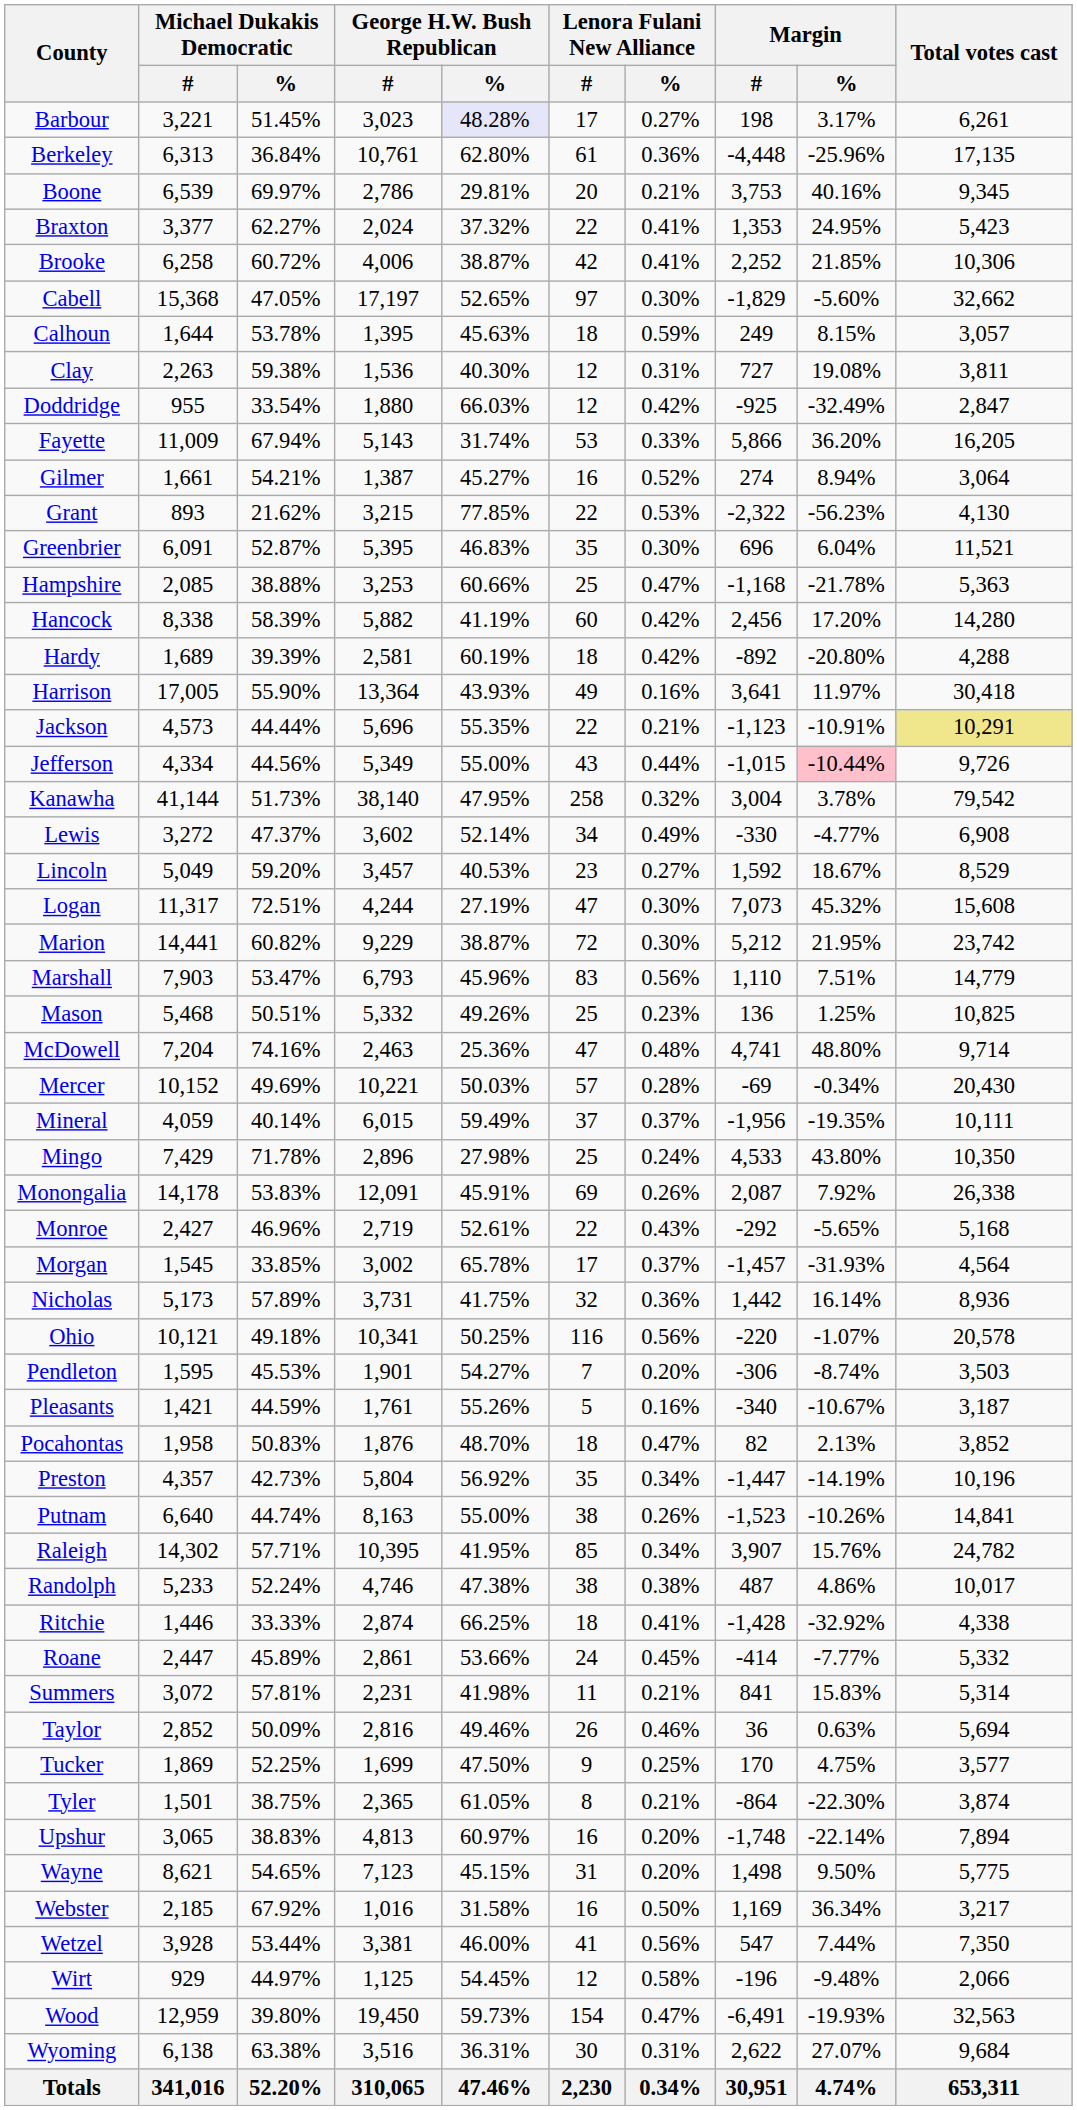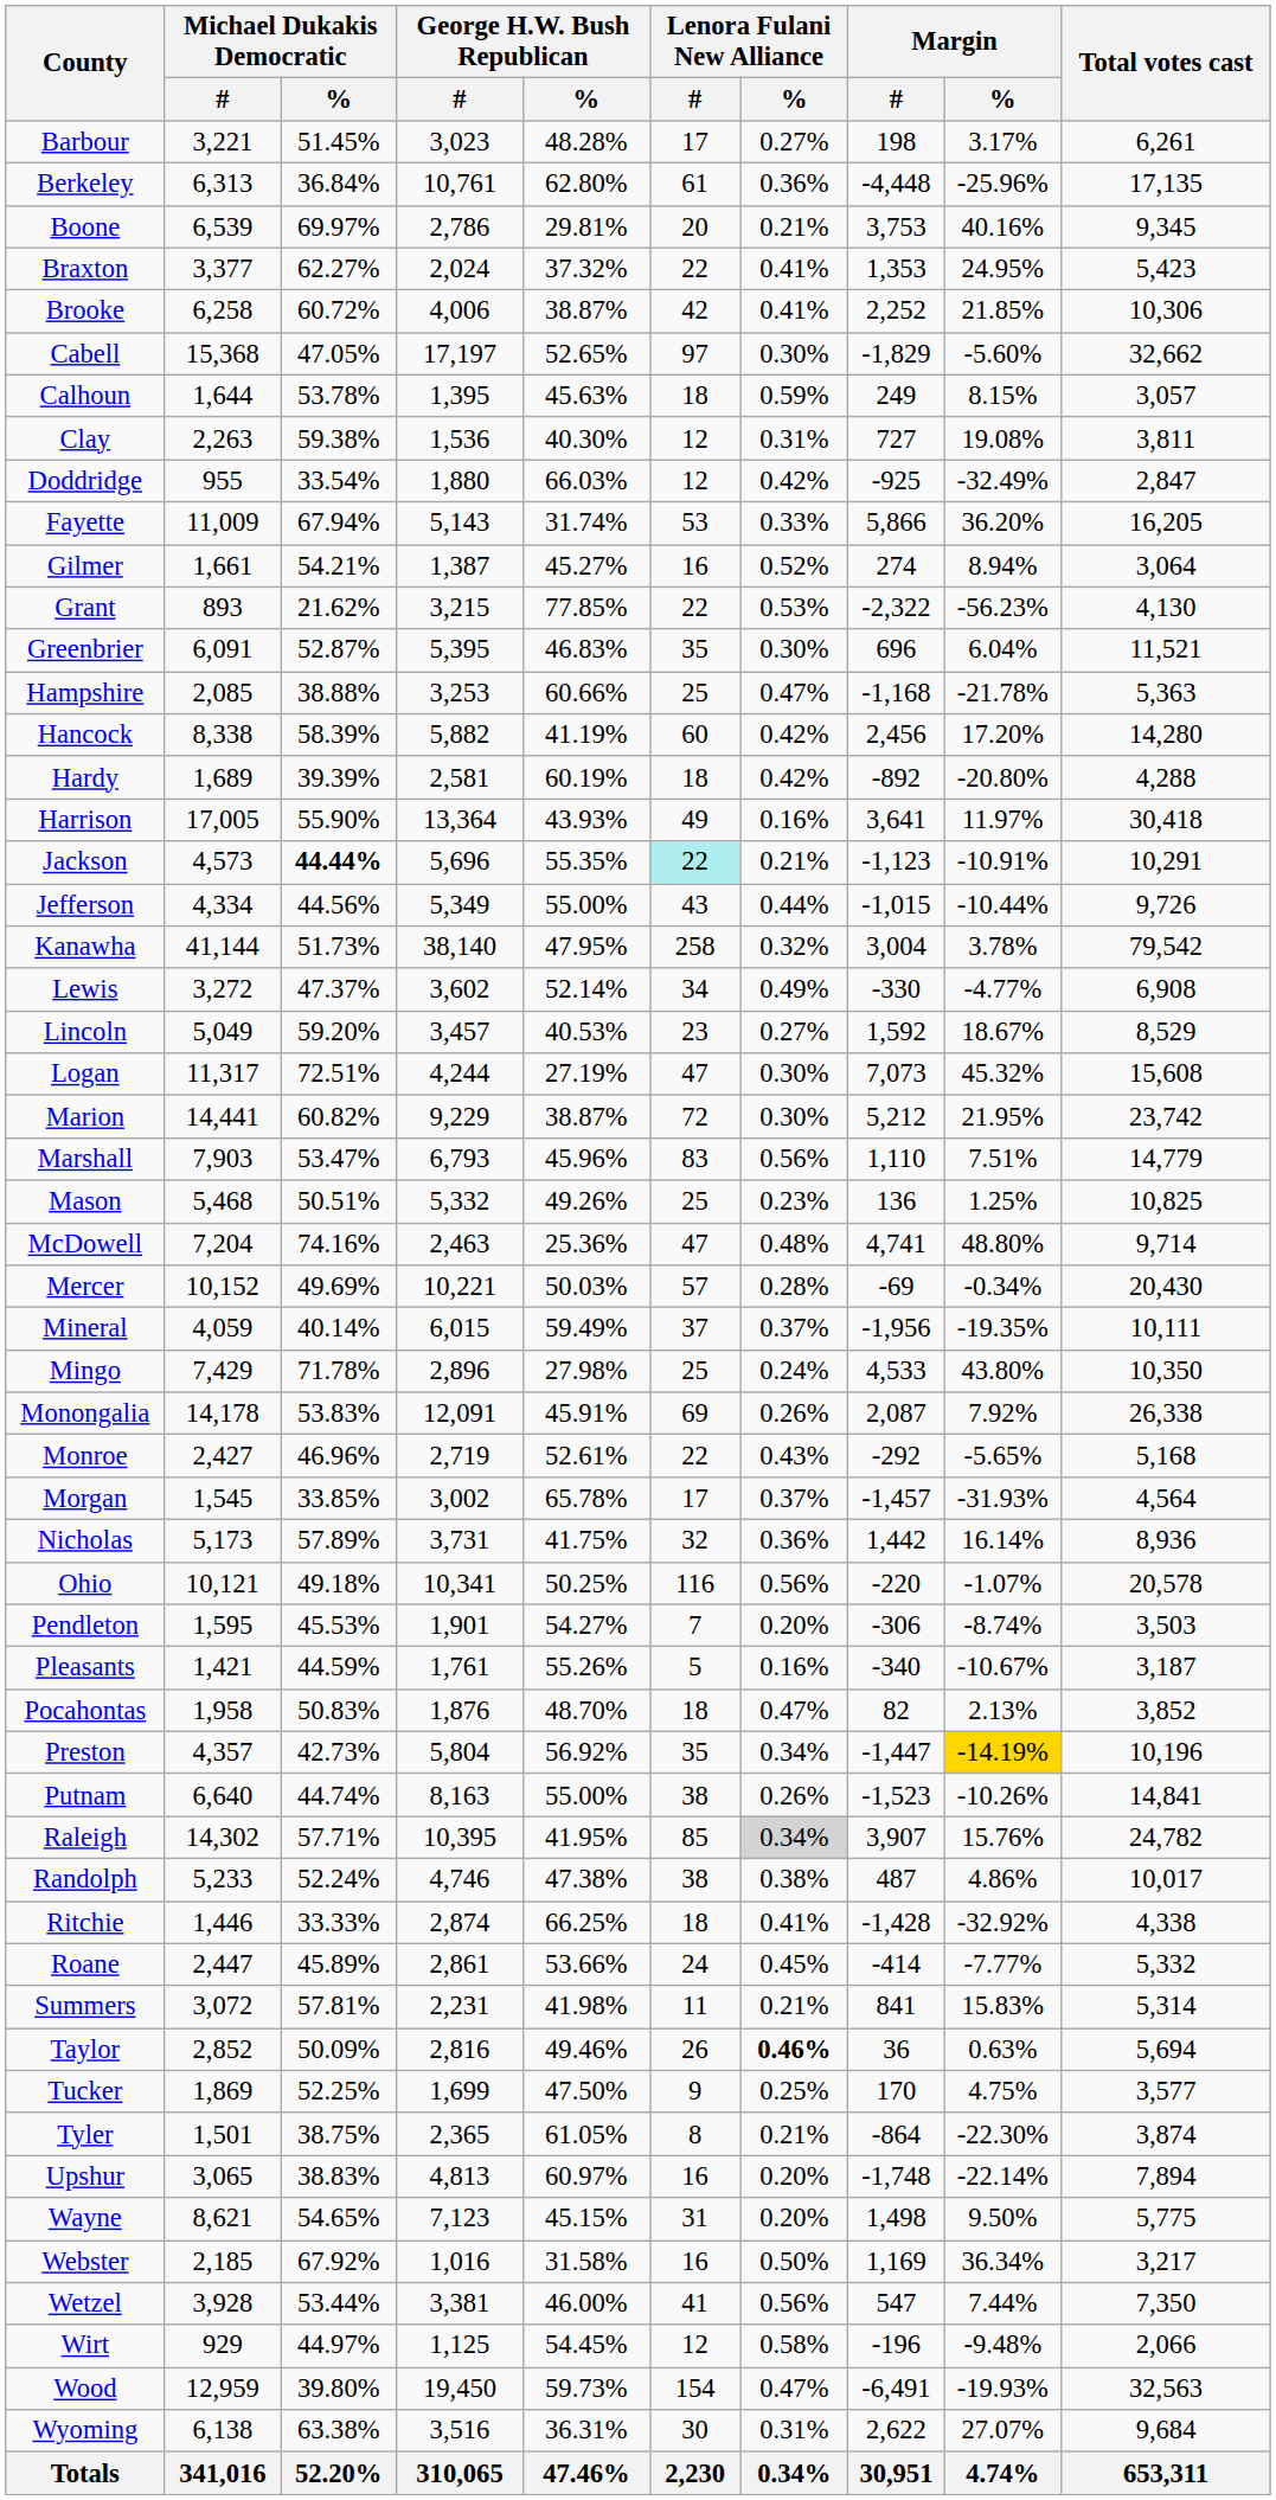 <table width="60%"  class="wikitable sortable" style="text-align:center">
 <tr>
 <th style="text-align:center;" rowspan="2">County</th>
 <th style="text-align:center;" colspan="2">Michael Dukakis<br>Democratic</th>
 <th style="text-align:center;" colspan="2">George H.W. Bush<br>Republican</th>
 <th style="text-align:center;" colspan="2">Lenora Fulani<br>New Alliance</th>
 <th style="text-align:center;" colspan="2">Margin</th>
 <th style="text-align:center;" rowspan="2">Total votes cast</th>
 </tr>
 <tr>
 <th style="text-align:center;" data-sort-type="number">#</th>
 <th style="text-align:center;" data-sort-type="number">%</th>
 <th style="text-align:center;" data-sort-type="number">#</th>
 <th style="text-align:center;" data-sort-type="number">%</th>
 <th style="text-align:center;" data-sort-type="number">#</th>
 <th style="text-align:center;" data-sort-type="number">%</th>
 <th style="text-align:center;" data-sort-type="number">#</th>
 <th style="text-align:center;" data-sort-type="number">%</th>
 </tr>
 <tr style="text-align:center;">
 <td><a href='#'>Barbour</a></td>
 <td>3,221</td>
 <td>51.45%</td>
 <td>3,023</td>
-<td style="background: lavender;">48.28%</td>
+<td>48.28%</td>
 <td>17</td>
 <td>0.27%</td>
 <td>198</td>
 <td>3.17%</td>
 <td>6,261</td>
 </tr>
 <tr style="text-align:center;">
 <td><a href='#'>Berkeley</a></td>
 <td>6,313</td>
 <td>36.84%</td>
 <td>10,761</td>
 <td>62.80%</td>
 <td>61</td>
 <td>0.36%</td>
 <td>-4,448</td>
 <td>-25.96%</td>
 <td>17,135</td>
 </tr>
 <tr style="text-align:center;">
 <td><a href='#'>Boone</a></td>
 <td>6,539</td>
 <td>69.97%</td>
 <td>2,786</td>
 <td>29.81%</td>
 <td>20</td>
 <td>0.21%</td>
 <td>3,753</td>
 <td>40.16%</td>
 <td>9,345</td>
 </tr>
 <tr style="text-align:center;">
 <td><a href='#'>Braxton</a></td>
 <td>3,377</td>
 <td>62.27%</td>
 <td>2,024</td>
 <td>37.32%</td>
 <td>22</td>
 <td>0.41%</td>
 <td>1,353</td>
 <td>24.95%</td>
 <td>5,423</td>
 </tr>
 <tr style="text-align:center;">
 <td><a href='#'>Brooke</a></td>
 <td>6,258</td>
 <td>60.72%</td>
 <td>4,006</td>
 <td>38.87%</td>
 <td>42</td>
 <td>0.41%</td>
 <td>2,252</td>
 <td>21.85%</td>
 <td>10,306</td>
 </tr>
 <tr style="text-align:center;">
 <td><a href='#'>Cabell</a></td>
 <td>15,368</td>
 <td>47.05%</td>
 <td>17,197</td>
 <td>52.65%</td>
 <td>97</td>
 <td>0.30%</td>
 <td>-1,829</td>
 <td>-5.60%</td>
 <td>32,662</td>
 </tr>
 <tr style="text-align:center;">
 <td><a href='#'>Calhoun</a></td>
 <td>1,644</td>
 <td>53.78%</td>
 <td>1,395</td>
 <td>45.63%</td>
 <td>18</td>
 <td>0.59%</td>
 <td>249</td>
 <td>8.15%</td>
 <td>3,057</td>
 </tr>
 <tr style="text-align:center;">
 <td><a href='#'>Clay</a></td>
 <td>2,263</td>
 <td>59.38%</td>
 <td>1,536</td>
 <td>40.30%</td>
 <td>12</td>
 <td>0.31%</td>
 <td>727</td>
 <td>19.08%</td>
 <td>3,811</td>
 </tr>
 <tr style="text-align:center;">
 <td><a href='#'>Doddridge</a></td>
 <td>955</td>
 <td>33.54%</td>
 <td>1,880</td>
 <td>66.03%</td>
 <td>12</td>
 <td>0.42%</td>
 <td>-925</td>
 <td>-32.49%</td>
 <td>2,847</td>
 </tr>
 <tr style="text-align:center;">
 <td><a href='#'>Fayette</a></td>
 <td>11,009</td>
 <td>67.94%</td>
 <td>5,143</td>
 <td>31.74%</td>
 <td>53</td>
 <td>0.33%</td>
 <td>5,866</td>
 <td>36.20%</td>
 <td>16,205</td>
 </tr>
 <tr style="text-align:center;">
 <td><a href='#'>Gilmer</a></td>
 <td>1,661</td>
 <td>54.21%</td>
 <td>1,387</td>
 <td>45.27%</td>
 <td>16</td>
 <td>0.52%</td>
 <td>274</td>
 <td>8.94%</td>
 <td>3,064</td>
 </tr>
 <tr style="text-align:center;">
 <td><a href='#'>Grant</a></td>
 <td>893</td>
 <td>21.62%</td>
 <td>3,215</td>
 <td>77.85%</td>
 <td>22</td>
 <td>0.53%</td>
 <td>-2,322</td>
 <td>-56.23%</td>
 <td>4,130</td>
 </tr>
 <tr style="text-align:center;">
 <td><a href='#'>Greenbrier</a></td>
 <td>6,091</td>
 <td>52.87%</td>
 <td>5,395</td>
 <td>46.83%</td>
 <td>35</td>
 <td>0.30%</td>
 <td>696</td>
 <td>6.04%</td>
 <td>11,521</td>
 </tr>
 <tr style="text-align:center;">
 <td><a href='#'>Hampshire</a></td>
 <td>2,085</td>
 <td>38.88%</td>
 <td>3,253</td>
 <td>60.66%</td>
 <td>25</td>
 <td>0.47%</td>
 <td>-1,168</td>
 <td>-21.78%</td>
 <td>5,363</td>
 </tr>
 <tr style="text-align:center;">
 <td><a href='#'>Hancock</a></td>
 <td>8,338</td>
 <td>58.39%</td>
 <td>5,882</td>
 <td>41.19%</td>
 <td>60</td>
 <td>0.42%</td>
 <td>2,456</td>
 <td>17.20%</td>
 <td>14,280</td>
 </tr>
 <tr style="text-align:center;">
 <td><a href='#'>Hardy</a></td>
 <td>1,689</td>
 <td>39.39%</td>
 <td>2,581</td>
 <td>60.19%</td>
 <td>18</td>
 <td>0.42%</td>
 <td>-892</td>
 <td>-20.80%</td>
 <td>4,288</td>
 </tr>
 <tr style="text-align:center;">
 <td><a href='#'>Harrison</a></td>
 <td>17,005</td>
 <td>55.90%</td>
 <td>13,364</td>
 <td>43.93%</td>
 <td>49</td>
 <td>0.16%</td>
 <td>3,641</td>
 <td>11.97%</td>
 <td>30,418</td>
 </tr>
 <tr style="text-align:center;">
 <td><a href='#'>Jackson</a></td>
 <td>4,573</td>
-<td>44.44%</td>
+<td><strong>44.44%</strong></td>
 <td>5,696</td>
 <td>55.35%</td>
-<td>22</td>
+<td style="background: paleturquoise;">22</td>
 <td>0.21%</td>
 <td>-1,123</td>
 <td>-10.91%</td>
-<td style="background: khaki;">10,291</td>
+<td>10,291</td>
 </tr>
 <tr style="text-align:center;">
 <td><a href='#'>Jefferson</a></td>
 <td>4,334</td>
 <td>44.56%</td>
 <td>5,349</td>
 <td>55.00%</td>
 <td>43</td>
 <td>0.44%</td>
 <td>-1,015</td>
-<td style="background: pink;">-10.44%</td>
+<td>-10.44%</td>
 <td>9,726</td>
 </tr>
 <tr style="text-align:center;">
 <td><a href='#'>Kanawha</a></td>
 <td>41,144</td>
 <td>51.73%</td>
 <td>38,140</td>
 <td>47.95%</td>
 <td>258</td>
 <td>0.32%</td>
 <td>3,004</td>
 <td>3.78%</td>
 <td>79,542</td>
 </tr>
 <tr style="text-align:center;">
 <td><a href='#'>Lewis</a></td>
 <td>3,272</td>
 <td>47.37%</td>
 <td>3,602</td>
 <td>52.14%</td>
 <td>34</td>
 <td>0.49%</td>
 <td>-330</td>
 <td>-4.77%</td>
 <td>6,908</td>
 </tr>
 <tr style="text-align:center;">
 <td><a href='#'>Lincoln</a></td>
 <td>5,049</td>
 <td>59.20%</td>
 <td>3,457</td>
 <td>40.53%</td>
 <td>23</td>
 <td>0.27%</td>
 <td>1,592</td>
 <td>18.67%</td>
 <td>8,529</td>
 </tr>
 <tr style="text-align:center;">
 <td><a href='#'>Logan</a></td>
 <td>11,317</td>
 <td>72.51%</td>
 <td>4,244</td>
 <td>27.19%</td>
 <td>47</td>
 <td>0.30%</td>
 <td>7,073</td>
 <td>45.32%</td>
 <td>15,608</td>
 </tr>
 <tr style="text-align:center;">
 <td><a href='#'>Marion</a></td>
 <td>14,441</td>
 <td>60.82%</td>
 <td>9,229</td>
 <td>38.87%</td>
 <td>72</td>
 <td>0.30%</td>
 <td>5,212</td>
 <td>21.95%</td>
 <td>23,742</td>
 </tr>
 <tr style="text-align:center;">
 <td><a href='#'>Marshall</a></td>
 <td>7,903</td>
 <td>53.47%</td>
 <td>6,793</td>
 <td>45.96%</td>
 <td>83</td>
 <td>0.56%</td>
 <td>1,110</td>
 <td>7.51%</td>
 <td>14,779</td>
 </tr>
 <tr style="text-align:center;">
 <td><a href='#'>Mason</a></td>
 <td>5,468</td>
 <td>50.51%</td>
 <td>5,332</td>
 <td>49.26%</td>
 <td>25</td>
 <td>0.23%</td>
 <td>136</td>
 <td>1.25%</td>
 <td>10,825</td>
 </tr>
 <tr style="text-align:center;">
 <td><a href='#'>McDowell</a></td>
 <td>7,204</td>
 <td>74.16%</td>
 <td>2,463</td>
 <td>25.36%</td>
 <td>47</td>
 <td>0.48%</td>
 <td>4,741</td>
 <td>48.80%</td>
 <td>9,714</td>
 </tr>
 <tr style="text-align:center;">
 <td><a href='#'>Mercer</a></td>
 <td>10,152</td>
 <td>49.69%</td>
 <td>10,221</td>
 <td>50.03%</td>
 <td>57</td>
 <td>0.28%</td>
 <td>-69</td>
 <td>-0.34%</td>
 <td>20,430</td>
 </tr>
 <tr style="text-align:center;">
 <td><a href='#'>Mineral</a></td>
 <td>4,059</td>
 <td>40.14%</td>
 <td>6,015</td>
 <td>59.49%</td>
 <td>37</td>
 <td>0.37%</td>
 <td>-1,956</td>
 <td>-19.35%</td>
 <td>10,111</td>
 </tr>
 <tr style="text-align:center;">
 <td><a href='#'>Mingo</a></td>
 <td>7,429</td>
 <td>71.78%</td>
 <td>2,896</td>
 <td>27.98%</td>
 <td>25</td>
 <td>0.24%</td>
 <td>4,533</td>
 <td>43.80%</td>
 <td>10,350</td>
 </tr>
 <tr style="text-align:center;">
 <td><a href='#'>Monongalia</a></td>
 <td>14,178</td>
 <td>53.83%</td>
 <td>12,091</td>
 <td>45.91%</td>
 <td>69</td>
 <td>0.26%</td>
 <td>2,087</td>
 <td>7.92%</td>
 <td>26,338</td>
 </tr>
 <tr style="text-align:center;">
 <td><a href='#'>Monroe</a></td>
 <td>2,427</td>
 <td>46.96%</td>
 <td>2,719</td>
 <td>52.61%</td>
 <td>22</td>
 <td>0.43%</td>
 <td>-292</td>
 <td>-5.65%</td>
 <td>5,168</td>
 </tr>
 <tr style="text-align:center;">
 <td><a href='#'>Morgan</a></td>
 <td>1,545</td>
 <td>33.85%</td>
 <td>3,002</td>
 <td>65.78%</td>
 <td>17</td>
 <td>0.37%</td>
 <td>-1,457</td>
 <td>-31.93%</td>
 <td>4,564</td>
 </tr>
 <tr style="text-align:center;">
 <td><a href='#'>Nicholas</a></td>
 <td>5,173</td>
 <td>57.89%</td>
 <td>3,731</td>
 <td>41.75%</td>
 <td>32</td>
 <td>0.36%</td>
 <td>1,442</td>
 <td>16.14%</td>
 <td>8,936</td>
 </tr>
 <tr style="text-align:center;">
 <td><a href='#'>Ohio</a></td>
 <td>10,121</td>
 <td>49.18%</td>
 <td>10,341</td>
 <td>50.25%</td>
 <td>116</td>
 <td>0.56%</td>
 <td>-220</td>
 <td>-1.07%</td>
 <td>20,578</td>
 </tr>
 <tr style="text-align:center;">
 <td><a href='#'>Pendleton</a></td>
 <td>1,595</td>
 <td>45.53%</td>
 <td>1,901</td>
 <td>54.27%</td>
 <td>7</td>
 <td>0.20%</td>
 <td>-306</td>
 <td>-8.74%</td>
 <td>3,503</td>
 </tr>
 <tr style="text-align:center;">
 <td><a href='#'>Pleasants</a></td>
 <td>1,421</td>
 <td>44.59%</td>
 <td>1,761</td>
 <td>55.26%</td>
 <td>5</td>
 <td>0.16%</td>
 <td>-340</td>
 <td>-10.67%</td>
 <td>3,187</td>
 </tr>
 <tr style="text-align:center;">
 <td><a href='#'>Pocahontas</a></td>
 <td>1,958</td>
 <td>50.83%</td>
 <td>1,876</td>
 <td>48.70%</td>
 <td>18</td>
 <td>0.47%</td>
 <td>82</td>
 <td>2.13%</td>
 <td>3,852</td>
 </tr>
 <tr style="text-align:center;">
 <td><a href='#'>Preston</a></td>
 <td>4,357</td>
 <td>42.73%</td>
 <td>5,804</td>
 <td>56.92%</td>
 <td>35</td>
 <td>0.34%</td>
 <td>-1,447</td>
-<td>-14.19%</td>
+<td style="background: gold;">-14.19%</td>
 <td>10,196</td>
 </tr>
 <tr style="text-align:center;">
 <td><a href='#'>Putnam</a></td>
 <td>6,640</td>
 <td>44.74%</td>
 <td>8,163</td>
 <td>55.00%</td>
 <td>38</td>
 <td>0.26%</td>
 <td>-1,523</td>
 <td>-10.26%</td>
 <td>14,841</td>
 </tr>
 <tr style="text-align:center;">
 <td><a href='#'>Raleigh</a></td>
 <td>14,302</td>
 <td>57.71%</td>
 <td>10,395</td>
 <td>41.95%</td>
 <td>85</td>
-<td>0.34%</td>
+<td style="background: lightgrey;">0.34%</td>
 <td>3,907</td>
 <td>15.76%</td>
 <td>24,782</td>
 </tr>
 <tr style="text-align:center;">
 <td><a href='#'>Randolph</a></td>
 <td>5,233</td>
 <td>52.24%</td>
 <td>4,746</td>
 <td>47.38%</td>
 <td>38</td>
 <td>0.38%</td>
 <td>487</td>
 <td>4.86%</td>
 <td>10,017</td>
 </tr>
 <tr style="text-align:center;">
 <td><a href='#'>Ritchie</a></td>
 <td>1,446</td>
 <td>33.33%</td>
 <td>2,874</td>
 <td>66.25%</td>
 <td>18</td>
 <td>0.41%</td>
 <td>-1,428</td>
 <td>-32.92%</td>
 <td>4,338</td>
 </tr>
 <tr style="text-align:center;">
 <td><a href='#'>Roane</a></td>
 <td>2,447</td>
 <td>45.89%</td>
 <td>2,861</td>
 <td>53.66%</td>
 <td>24</td>
 <td>0.45%</td>
 <td>-414</td>
 <td>-7.77%</td>
 <td>5,332</td>
 </tr>
 <tr style="text-align:center;">
 <td><a href='#'>Summers</a></td>
 <td>3,072</td>
 <td>57.81%</td>
 <td>2,231</td>
 <td>41.98%</td>
 <td>11</td>
 <td>0.21%</td>
 <td>841</td>
 <td>15.83%</td>
 <td>5,314</td>
 </tr>
 <tr style="text-align:center;">
 <td><a href='#'>Taylor</a></td>
 <td>2,852</td>
 <td>50.09%</td>
 <td>2,816</td>
 <td>49.46%</td>
 <td>26</td>
-<td>0.46%</td>
+<td><strong>0.46%</strong></td>
 <td>36</td>
 <td>0.63%</td>
 <td>5,694</td>
 </tr>
 <tr style="text-align:center;">
 <td><a href='#'>Tucker</a></td>
 <td>1,869</td>
 <td>52.25%</td>
 <td>1,699</td>
 <td>47.50%</td>
 <td>9</td>
 <td>0.25%</td>
 <td>170</td>
 <td>4.75%</td>
 <td>3,577</td>
 </tr>
 <tr style="text-align:center;">
 <td><a href='#'>Tyler</a></td>
 <td>1,501</td>
 <td>38.75%</td>
 <td>2,365</td>
 <td>61.05%</td>
 <td>8</td>
 <td>0.21%</td>
 <td>-864</td>
 <td>-22.30%</td>
 <td>3,874</td>
 </tr>
 <tr style="text-align:center;">
 <td><a href='#'>Upshur</a></td>
 <td>3,065</td>
 <td>38.83%</td>
 <td>4,813</td>
 <td>60.97%</td>
 <td>16</td>
 <td>0.20%</td>
 <td>-1,748</td>
 <td>-22.14%</td>
 <td>7,894</td>
 </tr>
 <tr style="text-align:center;">
 <td><a href='#'>Wayne</a></td>
 <td>8,621</td>
 <td>54.65%</td>
 <td>7,123</td>
 <td>45.15%</td>
 <td>31</td>
 <td>0.20%</td>
 <td>1,498</td>
 <td>9.50%</td>
 <td>5,775</td>
 </tr>
 <tr style="text-align:center;">
 <td><a href='#'>Webster</a></td>
 <td>2,185</td>
 <td>67.92%</td>
 <td>1,016</td>
 <td>31.58%</td>
 <td>16</td>
 <td>0.50%</td>
 <td>1,169</td>
 <td>36.34%</td>
 <td>3,217</td>
 </tr>
 <tr style="text-align:center;">
 <td><a href='#'>Wetzel</a></td>
 <td>3,928</td>
 <td>53.44%</td>
 <td>3,381</td>
 <td>46.00%</td>
 <td>41</td>
 <td>0.56%</td>
 <td>547</td>
 <td>7.44%</td>
 <td>7,350</td>
 </tr>
 <tr style="text-align:center;">
 <td><a href='#'>Wirt</a></td>
 <td>929</td>
 <td>44.97%</td>
 <td>1,125</td>
 <td>54.45%</td>
 <td>12</td>
 <td>0.58%</td>
 <td>-196</td>
 <td>-9.48%</td>
 <td>2,066</td>
 </tr>
 <tr style="text-align:center;">
 <td><a href='#'>Wood</a></td>
 <td>12,959</td>
 <td>39.80%</td>
 <td>19,450</td>
 <td>59.73%</td>
 <td>154</td>
 <td>0.47%</td>
 <td>-6,491</td>
 <td>-19.93%</td>
 <td>32,563</td>
 </tr>
 <tr style="text-align:center;">
 <td><a href='#'>Wyoming</a></td>
 <td>6,138</td>
 <td>63.38%</td>
 <td>3,516</td>
 <td>36.31%</td>
 <td>30</td>
 <td>0.31%</td>
 <td>2,622</td>
 <td>27.07%</td>
 <td>9,684</td>
 </tr>
 <tr>
 <th>Totals</th>
 <th>341,016</th>
 <th>52.20%</th>
 <th>310,065</th>
 <th>47.46%</th>
 <th>2,230</th>
 <th>0.34%</th>
 <th>30,951</th>
 <th>4.74%</th>
 <th>653,311</th>
 </tr>
 </table>
